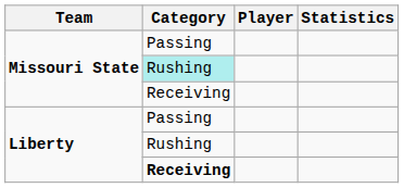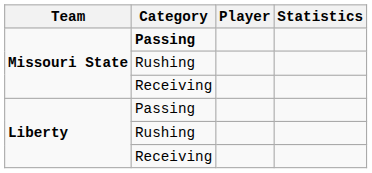 <table class="wikitable" style="float: right;">
 <tr>
 <th>Team</th>
 <th>Category</th>
 <th>Player</th>
 <th>Statistics</th>
 </tr>
 <tr>
 <td rowspan=3><strong>Missouri State</strong></td>
-<td>Passing</td>
+<td><strong>Passing</strong></td>
 <td></td>
 <td></td>
 </tr>
 <tr>
-<td style="background: paleturquoise;">Rushing</td>
+<td>Rushing</td>
 <td></td>
 <td></td>
 </tr>
 <tr>
 <td>Receiving</td>
 <td></td>
 <td></td>
 </tr>
 <tr>
 <td rowspan=3><strong>Liberty</strong></td>
 <td>Passing</td>
 <td></td>
 <td></td>
 </tr>
 <tr>
 <td>Rushing</td>
 <td></td>
 <td></td>
 </tr>
 <tr>
-<td><strong>Receiving</strong></td>
+<td>Receiving</td>
 <td></td>
 <td></td>
 </tr>
 </table>
